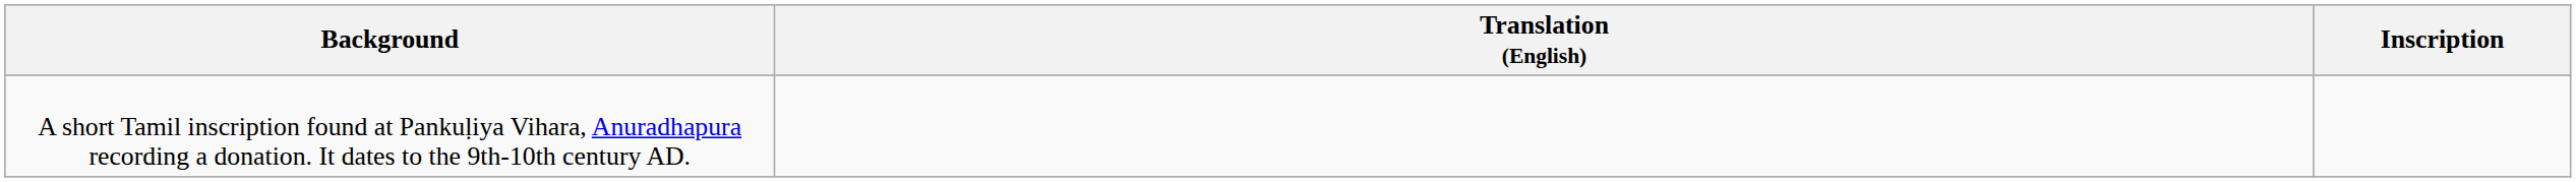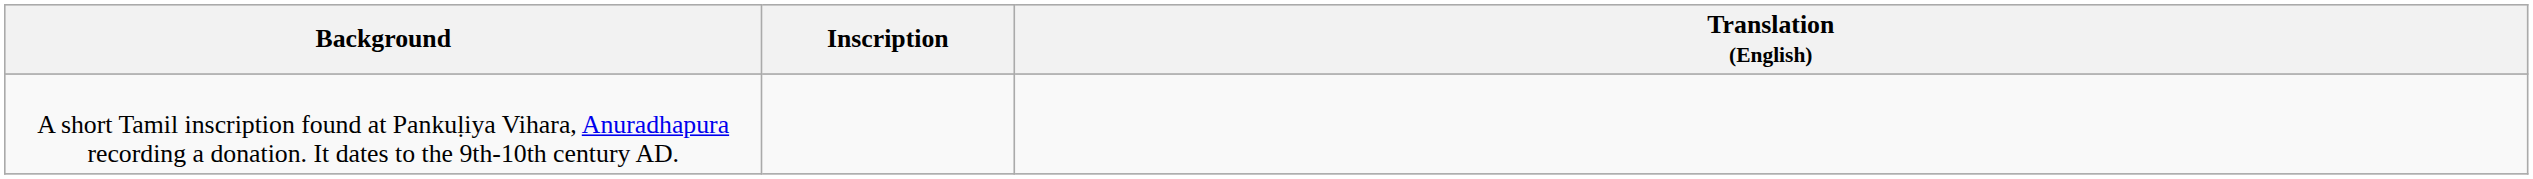 <table class="wikitable centre">
 <tr>
 <th scope="col" align=left>Background<br></th>
+<th>Inscription<br></th>
 <th>Translation<br><small>(English)</small></th>
-<th>Inscription<br></th>
 </tr>
 <tr>
 <td align=center width="30%"><br>A short Tamil inscription found at Pankuḷiya Vihara, <a href='#'>Anuradhapura</a> recording a donation. It dates to the 9th-10th century AD.</td>
+<td align=center width="10%"></td>
 <td align=left><br></td>
-<td align=center width="10%"></td>
 </tr>
 </table>
